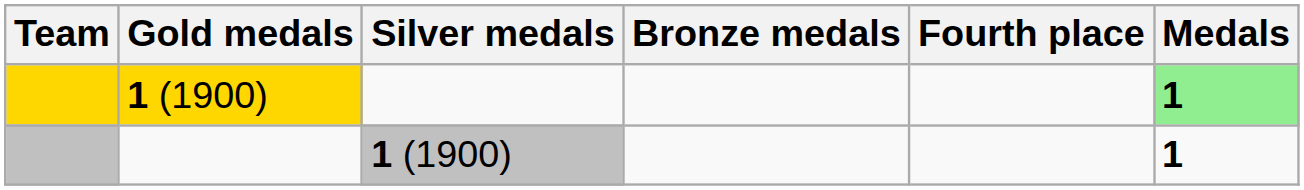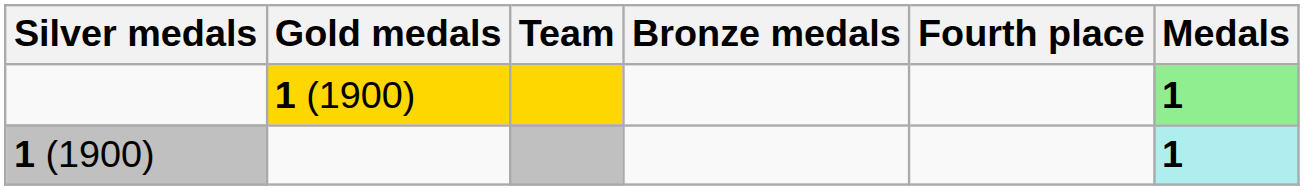 <table class=wikitable>
 <tr>
+<th>Silver medals</th>
+<th>Gold medals</th>
 <th>Team</th>
-<th>Gold medals</th>
-<th>Silver medals</th>
 <th>Bronze medals</th>
 <th>Fourth place</th>
 <th>Medals</th>
 </tr>
 <tr>
+<td></td>
+<td bgcolor=gold><strong>1</strong> (1900)</td>
 <td bgcolor=gold></td>
-<td bgcolor=gold><strong>1</strong> (1900)</td>
-<td></td>
 <td></td>
 <td></td>
 <td style="background: lightgreen;"><strong>1</strong></td>
 </tr>
 <tr>
+<td bgcolor=silver><strong>1</strong> (1900)</td>
+<td></td>
 <td bgcolor=silver></td>
 <td></td>
-<td bgcolor=silver><strong>1</strong> (1900)</td>
 <td></td>
-<td></td>
-<td><strong>1</strong></td>
+<td style="background: paleturquoise;"><strong>1</strong></td>
 </tr>
 </table>
